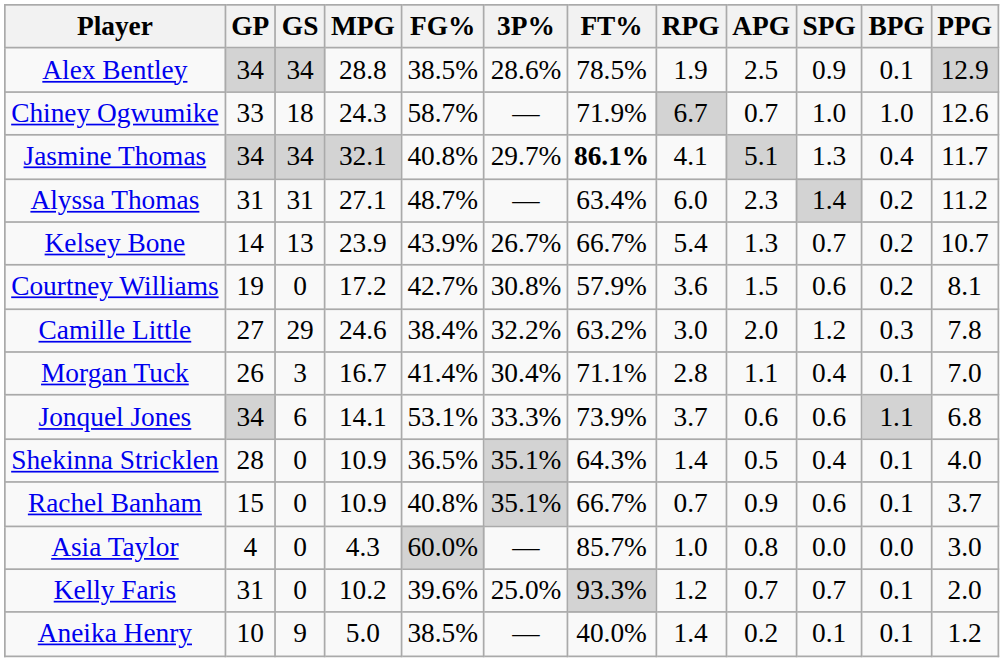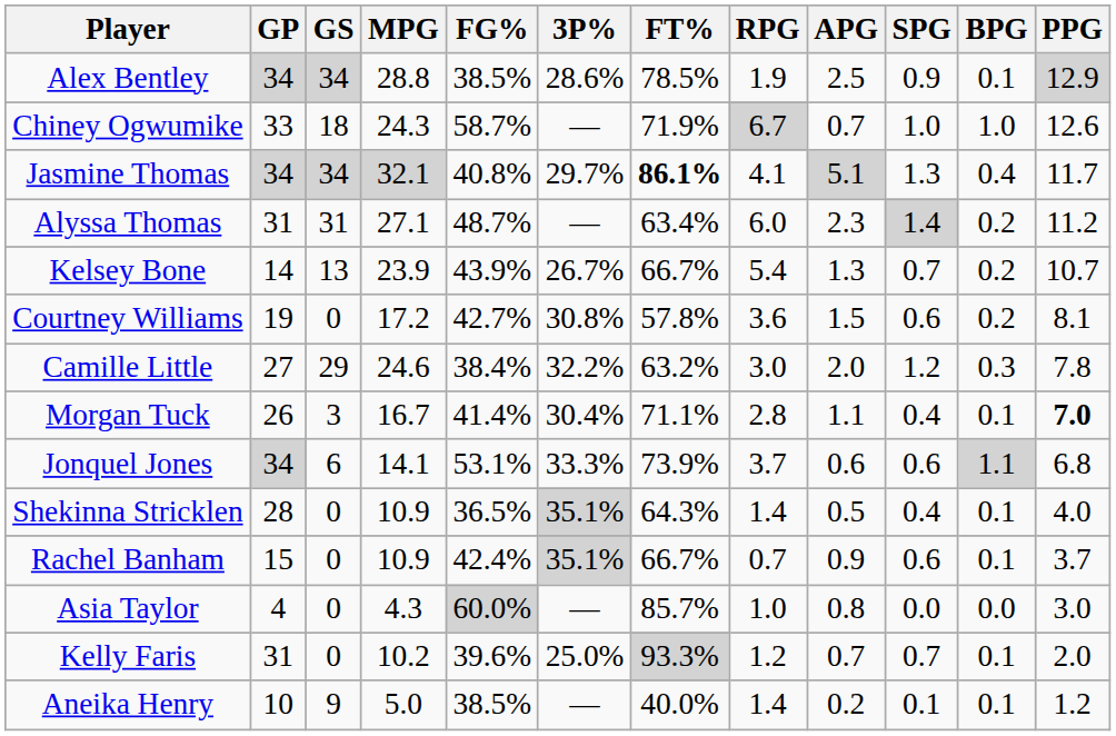 <table class="wikitable sortable" style="text-align:center;">
 <tr>
 <th>Player</th>
 <th>GP</th>
 <th>GS</th>
 <th>MPG</th>
 <th>FG%</th>
 <th>3P%</th>
 <th>FT%</th>
 <th>RPG</th>
 <th>APG</th>
 <th>SPG</th>
 <th>BPG</th>
 <th>PPG</th>
 </tr>
 <tr>
 <td><a href='#'>Alex Bentley</a></td>
 <td style="background:#D3D3D3;">34</td>
 <td style="background:#D3D3D3;">34</td>
 <td>28.8</td>
 <td>38.5%</td>
 <td>28.6%</td>
 <td>78.5%</td>
 <td>1.9</td>
 <td>2.5</td>
 <td>0.9</td>
 <td>0.1</td>
 <td style="background:#D3D3D3;">12.9</td>
 </tr>
 <tr>
 <td><a href='#'>Chiney Ogwumike</a></td>
 <td>33</td>
 <td>18</td>
 <td>24.3</td>
 <td>58.7%</td>
 <td>—</td>
 <td>71.9%</td>
 <td style="background:#D3D3D3;">6.7</td>
 <td>0.7</td>
 <td>1.0</td>
 <td>1.0</td>
 <td>12.6</td>
 </tr>
 <tr>
 <td><a href='#'>Jasmine Thomas</a></td>
 <td style="background:#D3D3D3;">34</td>
 <td style="background:#D3D3D3;">34</td>
 <td style="background:#D3D3D3;">32.1</td>
 <td>40.8%</td>
 <td>29.7%</td>
 <td><strong>86.1%</strong></td>
 <td>4.1</td>
 <td style="background:#D3D3D3;">5.1</td>
 <td>1.3</td>
 <td>0.4</td>
 <td>11.7</td>
 </tr>
 <tr>
 <td><a href='#'>Alyssa Thomas</a></td>
 <td>31</td>
 <td>31</td>
 <td>27.1</td>
 <td>48.7%</td>
 <td>—</td>
 <td>63.4%</td>
 <td>6.0</td>
 <td>2.3</td>
 <td style="background:#D3D3D3;">1.4</td>
 <td>0.2</td>
 <td>11.2</td>
 </tr>
 <tr>
 <td><a href='#'>Kelsey Bone</a></td>
 <td>14</td>
 <td>13</td>
 <td>23.9</td>
 <td>43.9%</td>
 <td>26.7%</td>
 <td>66.7%</td>
 <td>5.4</td>
 <td>1.3</td>
 <td>0.7</td>
 <td>0.2</td>
 <td>10.7</td>
 </tr>
 <tr>
 <td><a href='#'>Courtney Williams</a></td>
 <td>19</td>
 <td>0</td>
 <td>17.2</td>
 <td>42.7%</td>
 <td>30.8%</td>
-<td>57.9%</td>
+<td>57.8%</td>
 <td>3.6</td>
 <td>1.5</td>
 <td>0.6</td>
 <td>0.2</td>
 <td>8.1</td>
 </tr>
 <tr>
 <td><a href='#'>Camille Little</a></td>
 <td>27</td>
 <td>29</td>
 <td>24.6</td>
 <td>38.4%</td>
 <td>32.2%</td>
 <td>63.2%</td>
 <td>3.0</td>
 <td>2.0</td>
 <td>1.2</td>
 <td>0.3</td>
 <td>7.8</td>
 </tr>
 <tr>
 <td><a href='#'>Morgan Tuck</a></td>
 <td>26</td>
 <td>3</td>
 <td>16.7</td>
 <td>41.4%</td>
 <td>30.4%</td>
 <td>71.1%</td>
 <td>2.8</td>
 <td>1.1</td>
 <td>0.4</td>
 <td>0.1</td>
-<td>7.0</td>
+<td><strong>7.0</strong></td>
 </tr>
 <tr>
 <td><a href='#'>Jonquel Jones</a></td>
 <td style="background:#D3D3D3;">34</td>
 <td>6</td>
 <td>14.1</td>
 <td>53.1%</td>
 <td>33.3%</td>
 <td>73.9%</td>
 <td>3.7</td>
 <td>0.6</td>
 <td>0.6</td>
 <td style="background:#D3D3D3;">1.1</td>
 <td>6.8</td>
 </tr>
 <tr>
 <td><a href='#'>Shekinna Stricklen</a></td>
 <td>28</td>
 <td>0</td>
 <td>10.9</td>
 <td>36.5%</td>
 <td style="background:#D3D3D3;">35.1%</td>
 <td>64.3%</td>
 <td>1.4</td>
 <td>0.5</td>
 <td>0.4</td>
 <td>0.1</td>
 <td>4.0</td>
 </tr>
 <tr>
 <td><a href='#'>Rachel Banham</a></td>
 <td>15</td>
 <td>0</td>
 <td>10.9</td>
-<td>40.8%</td>
+<td>42.4%</td>
 <td style="background:#D3D3D3;">35.1%</td>
 <td>66.7%</td>
 <td>0.7</td>
 <td>0.9</td>
 <td>0.6</td>
 <td>0.1</td>
 <td>3.7</td>
 </tr>
 <tr>
 <td><a href='#'>Asia Taylor</a></td>
 <td>4</td>
 <td>0</td>
 <td>4.3</td>
 <td style="background:#D3D3D3;">60.0%</td>
 <td>—</td>
 <td>85.7%</td>
 <td>1.0</td>
 <td>0.8</td>
 <td>0.0</td>
 <td>0.0</td>
 <td>3.0</td>
 </tr>
 <tr>
 <td><a href='#'>Kelly Faris</a></td>
 <td>31</td>
 <td>0</td>
 <td>10.2</td>
 <td>39.6%</td>
 <td>25.0%</td>
 <td style="background:#D3D3D3;">93.3%</td>
 <td>1.2</td>
 <td>0.7</td>
 <td>0.7</td>
 <td>0.1</td>
 <td>2.0</td>
 </tr>
 <tr>
 <td><a href='#'>Aneika Henry</a></td>
 <td>10</td>
 <td>9</td>
 <td>5.0</td>
 <td>38.5%</td>
 <td>—</td>
 <td>40.0%</td>
 <td>1.4</td>
 <td>0.2</td>
 <td>0.1</td>
 <td>0.1</td>
 <td>1.2</td>
 </tr>
 </table>
